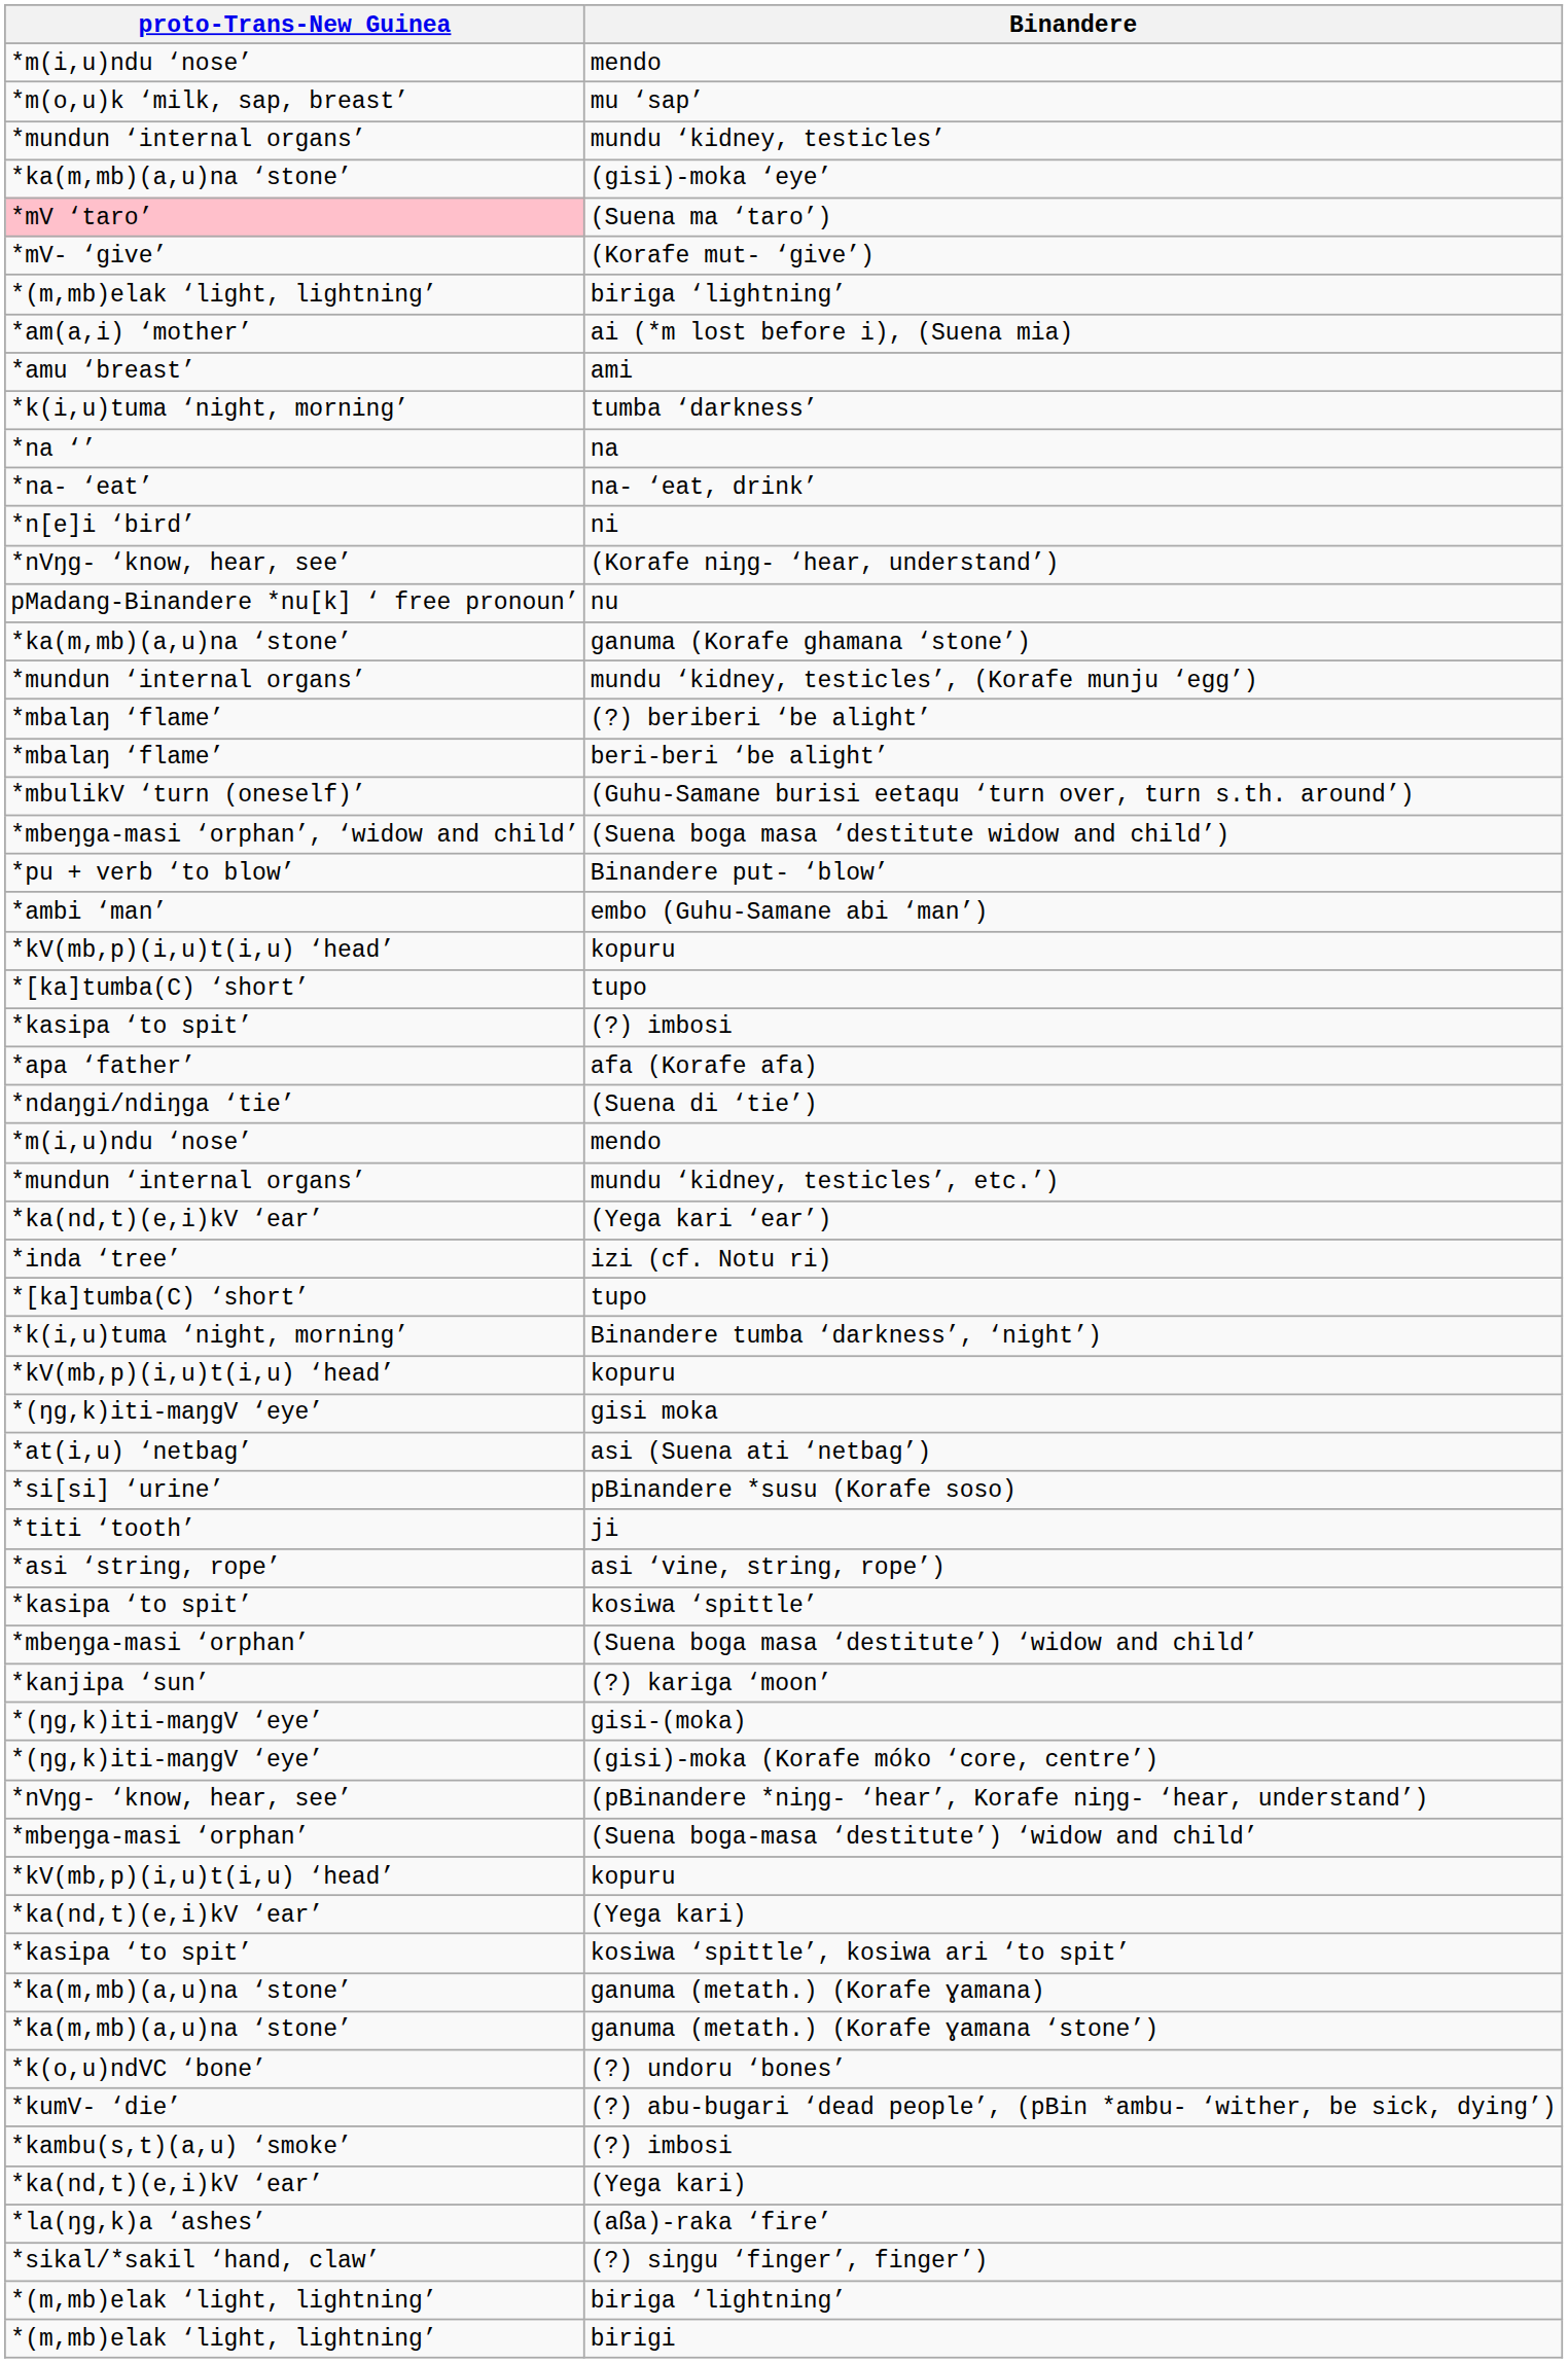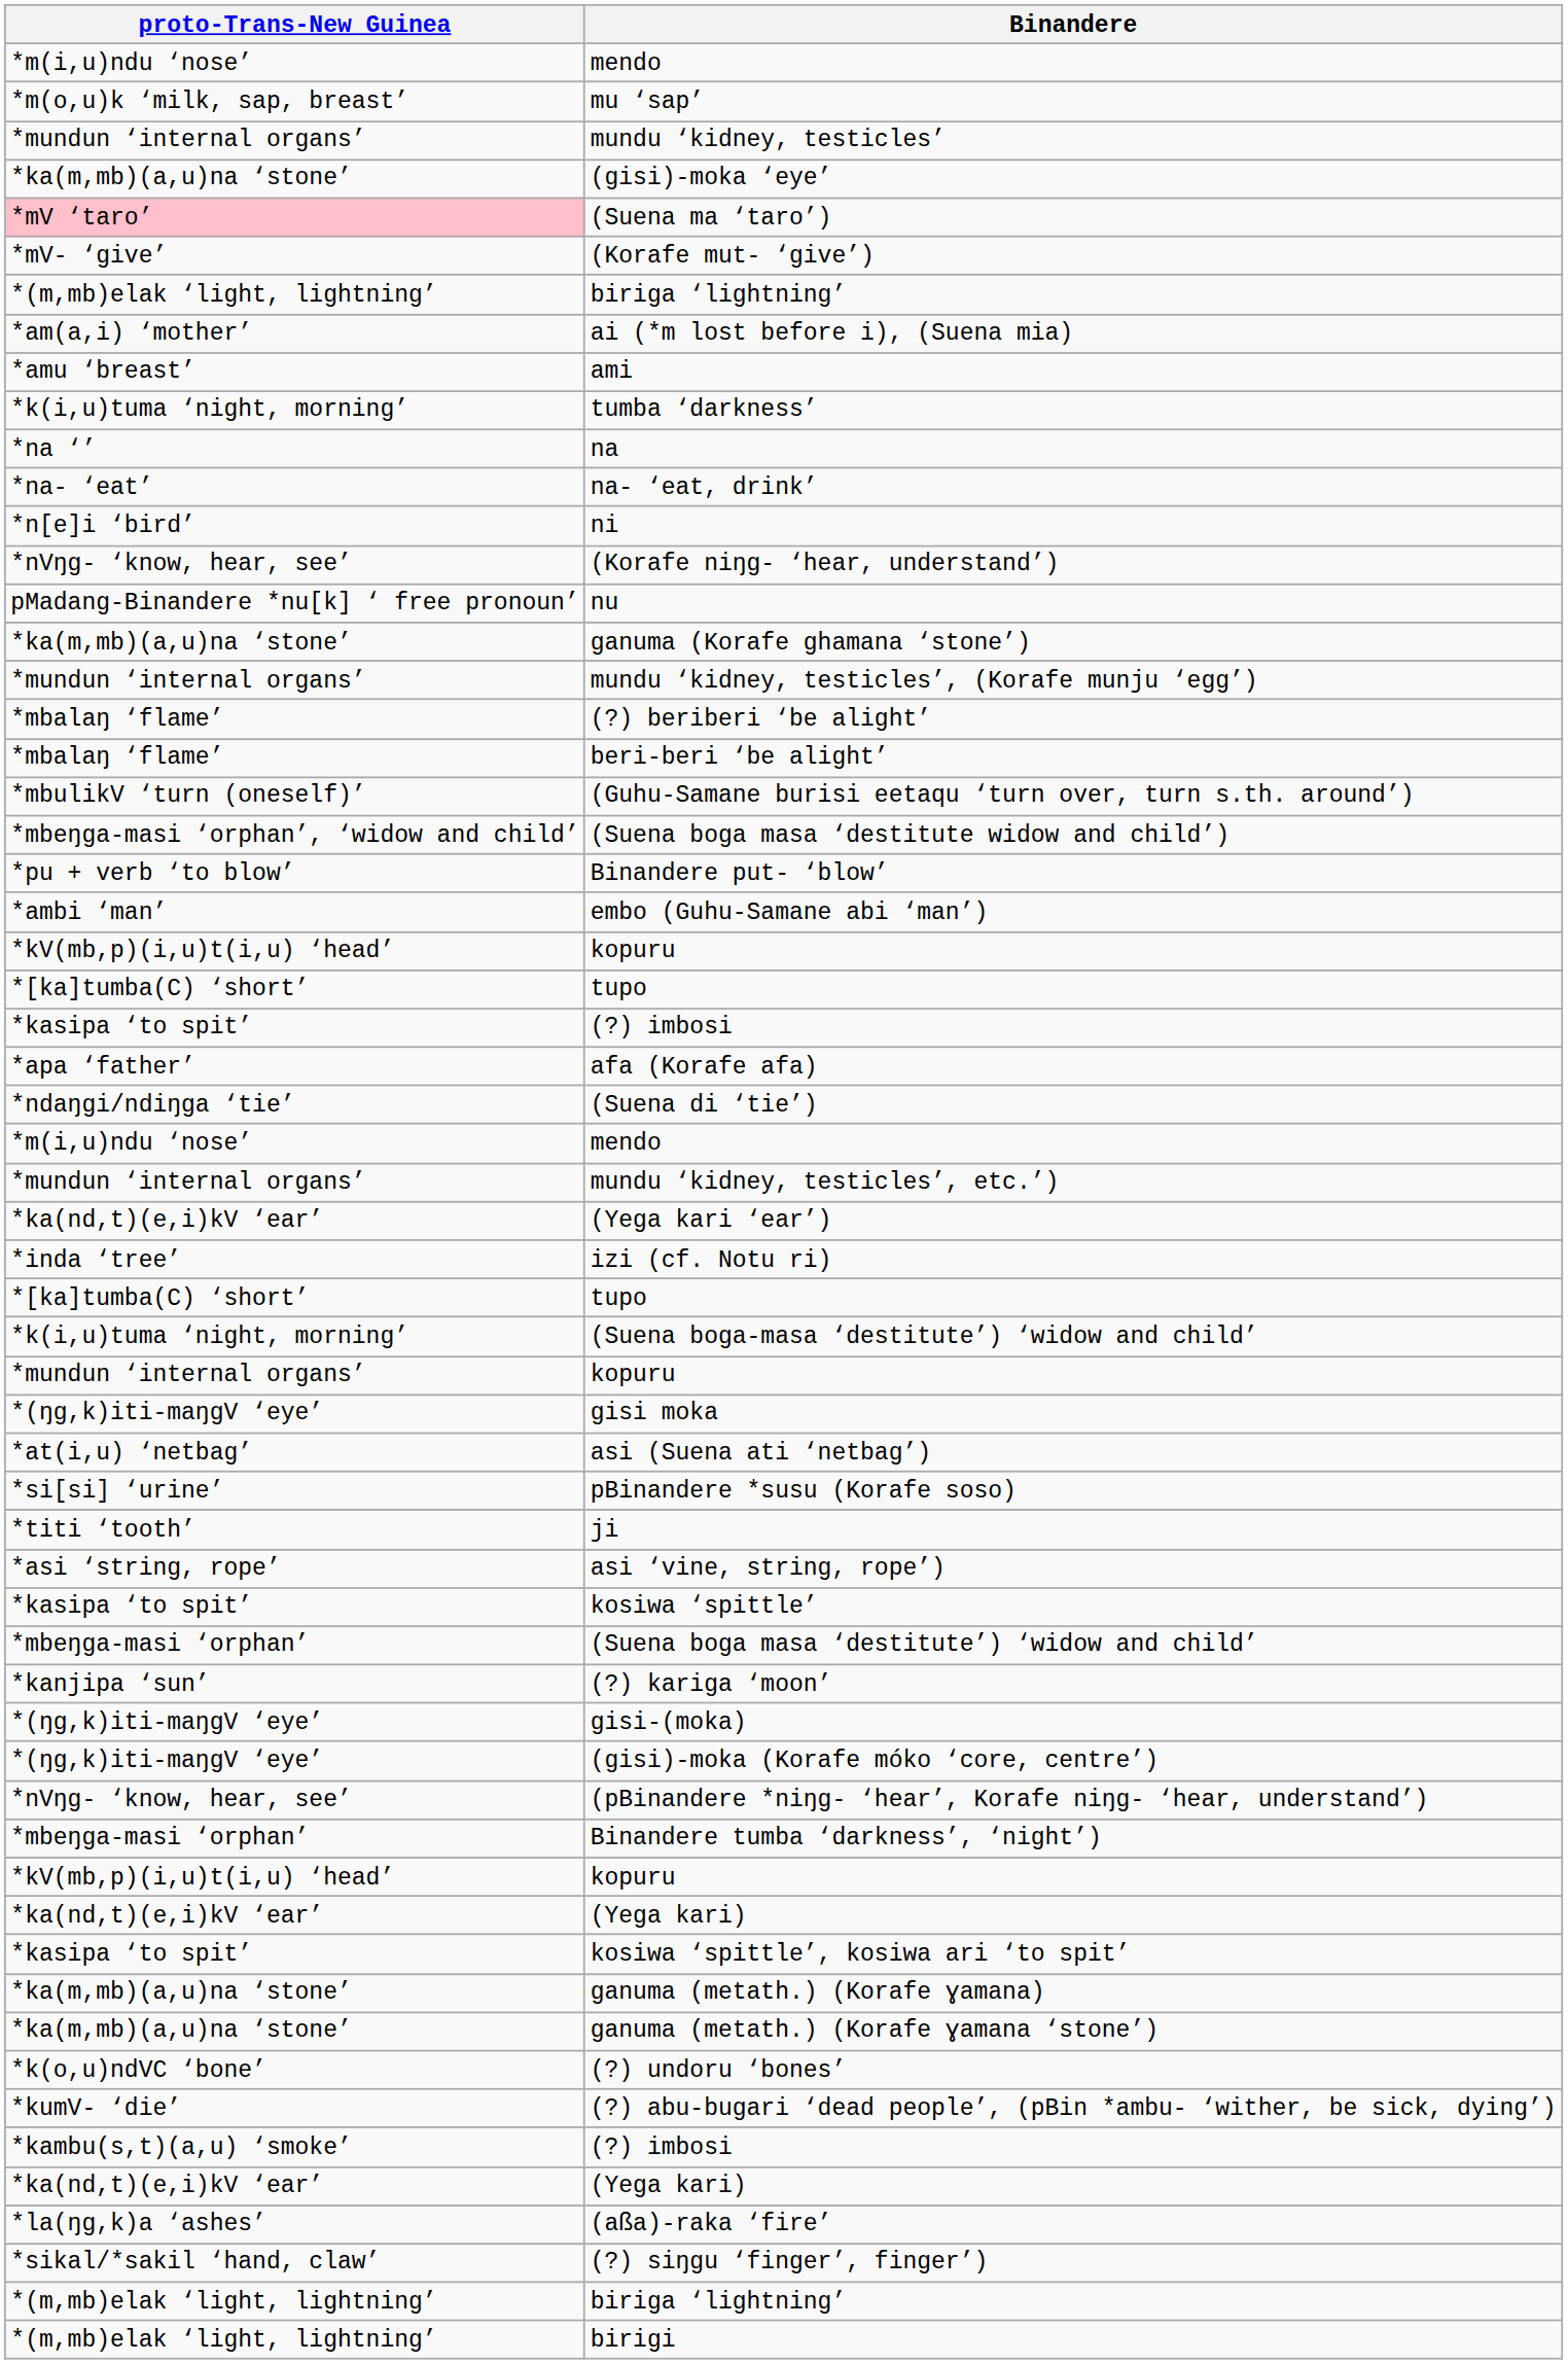 <table class="wikitable sortable">
 <tr>
 <th><a href='#'>proto-Trans-New Guinea</a></th>
 <th>Binandere</th>
 </tr>
 <tr>
 <td>*m(i,u)ndu ‘nose’</td>
 <td>mendo</td>
 </tr>
 <tr>
 <td>*m(o,u)k ‘milk, sap, breast’</td>
 <td>mu ‘sap’</td>
 </tr>
 <tr>
 <td>*mundun ‘internal organs’</td>
 <td>mundu ‘kidney, testicles’</td>
 </tr>
 <tr>
 <td>*ka(m,mb)(a,u)na ‘stone’</td>
 <td>(gisi)-moka ‘eye’</td>
 </tr>
 <tr>
 <td style="background: pink;">*mV ‘taro’</td>
 <td>(Suena ma ‘taro’)</td>
 </tr>
 <tr>
 <td>*mV- ‘give’</td>
 <td>(Korafe mut- ‘give’)</td>
 </tr>
 <tr>
 <td>*(m,mb)elak ‘light, lightning’</td>
 <td>biriga ‘lightning’</td>
 </tr>
 <tr>
 <td>*am(a,i) ‘mother’</td>
 <td>ai (*m lost before i), (Suena mia)</td>
 </tr>
 <tr>
 <td>*amu ‘breast’</td>
 <td>ami</td>
 </tr>
 <tr>
 <td>*k(i,u)tuma ‘night, morning’</td>
 <td>tumba ‘darkness’</td>
 </tr>
 <tr>
 <td>*na ‘’</td>
 <td>na</td>
 </tr>
 <tr>
 <td>*na- ‘eat’</td>
 <td>na- ‘eat, drink’</td>
 </tr>
 <tr>
 <td>*n[e]i ‘bird’</td>
 <td>ni</td>
 </tr>
 <tr>
 <td>*nVŋg- ‘know, hear, see’</td>
 <td>(Korafe niŋg- ‘hear, understand’)</td>
 </tr>
 <tr>
 <td>pMadang-Binandere *nu[k] ‘ free pronoun’</td>
 <td>nu</td>
 </tr>
 <tr>
 <td>*ka(m,mb)(a,u)na ‘stone’</td>
 <td>ganuma (Korafe ghamana ‘stone’)</td>
 </tr>
 <tr>
 <td>*mundun ‘internal organs’</td>
 <td>mundu ‘kidney, testicles’, (Korafe munju ‘egg’)</td>
 </tr>
 <tr>
 <td>*mbalaŋ ‘flame’</td>
 <td>(?) beriberi ‘be alight’</td>
 </tr>
 <tr>
 <td>*mbalaŋ ‘flame’</td>
 <td>beri-beri ‘be alight’</td>
 </tr>
 <tr>
 <td>*mbulikV ‘turn (oneself)’</td>
 <td>(Guhu-Samane burisi eetaqu ‘turn over, turn s.th. around’)</td>
 </tr>
 <tr>
 <td>*mbeŋga-masi ‘orphan’, ‘widow and child’</td>
 <td>(Suena boga masa ‘destitute widow and child’)</td>
 </tr>
 <tr>
 <td>*pu + verb ‘to blow’</td>
 <td>Binandere put- ‘blow’</td>
 </tr>
 <tr>
 <td>*ambi ‘man’</td>
 <td>embo (Guhu-Samane abi ‘man’)</td>
 </tr>
 <tr>
 <td>*kV(mb,p)(i,u)t(i,u) ‘head’</td>
 <td>kopuru</td>
 </tr>
 <tr>
 <td>*[ka]tumba(C) ‘short’</td>
 <td>tupo</td>
 </tr>
 <tr>
 <td>*kasipa ‘to spit’</td>
 <td>(?) imbosi</td>
 </tr>
 <tr>
 <td>*apa ‘father’</td>
 <td>afa (Korafe afa)</td>
 </tr>
 <tr>
 <td>*ndaŋgi/ndiŋga ‘tie’</td>
 <td>(Suena di ‘tie’)</td>
 </tr>
 <tr>
 <td>*m(i,u)ndu ‘nose’</td>
 <td>mendo</td>
 </tr>
 <tr>
 <td>*mundun ‘internal organs’</td>
 <td>mundu ‘kidney, testicles’, etc.’)</td>
 </tr>
 <tr>
 <td>*ka(nd,t)(e,i)kV ‘ear’</td>
 <td>(Yega kari ‘ear’)</td>
 </tr>
 <tr>
 <td>*inda ‘tree’</td>
 <td>izi (cf. Notu ri)</td>
 </tr>
 <tr>
 <td>*[ka]tumba(C) ‘short’</td>
 <td>tupo</td>
 </tr>
 <tr>
 <td>*k(i,u)tuma ‘night, morning’</td>
-<td>Binandere tumba ‘darkness’, ‘night’)</td>
+<td>(Suena boga-masa ‘destitute’) ‘widow and child’</td>
 </tr>
 <tr>
-<td>*kV(mb,p)(i,u)t(i,u) ‘head’</td>
+<td>*mundun ‘internal organs’</td>
 <td>kopuru</td>
 </tr>
 <tr>
 <td>*(ŋg,k)iti-maŋgV ‘eye’</td>
 <td>gisi moka</td>
 </tr>
 <tr>
 <td>*at(i,u) ‘netbag’</td>
 <td>asi (Suena ati ‘netbag’)</td>
 </tr>
 <tr>
 <td>*si[si] ‘urine’</td>
 <td>pBinandere *susu (Korafe soso)</td>
 </tr>
 <tr>
 <td>*titi ‘tooth’</td>
 <td>ji</td>
 </tr>
 <tr>
 <td>*asi ‘string, rope’</td>
 <td>asi ‘vine, string, rope’)</td>
 </tr>
 <tr>
 <td>*kasipa ‘to spit’</td>
 <td>kosiwa ‘spittle’</td>
 </tr>
 <tr>
 <td>*mbeŋga-masi ‘orphan’</td>
 <td>(Suena boga masa ‘destitute’) ‘widow and child’</td>
 </tr>
 <tr>
 <td>*kanjipa ‘sun’</td>
 <td>(?) kariga ‘moon’</td>
 </tr>
 <tr>
 <td>*(ŋg,k)iti-maŋgV ‘eye’</td>
 <td>gisi-(moka)</td>
 </tr>
 <tr>
 <td>*(ŋg,k)iti-maŋgV ‘eye’</td>
 <td>(gisi)-moka (Korafe móko ‘core, centre’)</td>
 </tr>
 <tr>
 <td>*nVŋg- ‘know, hear, see’</td>
 <td>(pBinandere *niŋg- ‘hear’, Korafe niŋg- ‘hear, understand’)</td>
 </tr>
 <tr>
 <td>*mbeŋga-masi ‘orphan’</td>
-<td>(Suena boga-masa ‘destitute’) ‘widow and child’</td>
+<td>Binandere tumba ‘darkness’, ‘night’)</td>
 </tr>
 <tr>
 <td>*kV(mb,p)(i,u)t(i,u) ‘head’</td>
 <td>kopuru</td>
 </tr>
 <tr>
 <td>*ka(nd,t)(e,i)kV ‘ear’</td>
 <td>(Yega kari)</td>
 </tr>
 <tr>
 <td>*kasipa ‘to spit’</td>
 <td>kosiwa ‘spittle’, kosiwa ari ‘to spit’</td>
 </tr>
 <tr>
 <td>*ka(m,mb)(a,u)na ‘stone’</td>
 <td>ganuma (metath.) (Korafe ɣamana)</td>
 </tr>
 <tr>
 <td>*ka(m,mb)(a,u)na ‘stone’</td>
 <td>ganuma (metath.) (Korafe ɣamana ‘stone’)</td>
 </tr>
 <tr>
 <td>*k(o,u)ndVC ‘bone’</td>
 <td>(?) undoru ‘bones’</td>
 </tr>
 <tr>
 <td>*kumV- ‘die’</td>
 <td>(?) abu-bugari ‘dead people’, (pBin *ambu- ‘wither, be sick, dying’)</td>
 </tr>
 <tr>
 <td>*kambu(s,t)(a,u) ‘smoke’</td>
 <td>(?) imbosi</td>
 </tr>
 <tr>
 <td>*ka(nd,t)(e,i)kV ‘ear’</td>
 <td>(Yega kari)</td>
 </tr>
 <tr>
 <td>*la(ŋg,k)a ‘ashes’</td>
 <td>(aßa)-raka ‘fire’</td>
 </tr>
 <tr>
 <td>*sikal/*sakil ‘hand, claw’</td>
 <td>(?) siŋgu ‘finger’, finger’)</td>
 </tr>
 <tr>
 <td>*(m,mb)elak ‘light, lightning’</td>
 <td>biriga ‘lightning’</td>
 </tr>
 <tr>
 <td>*(m,mb)elak ‘light, lightning’</td>
 <td>birigi</td>
 </tr>
 </table>
